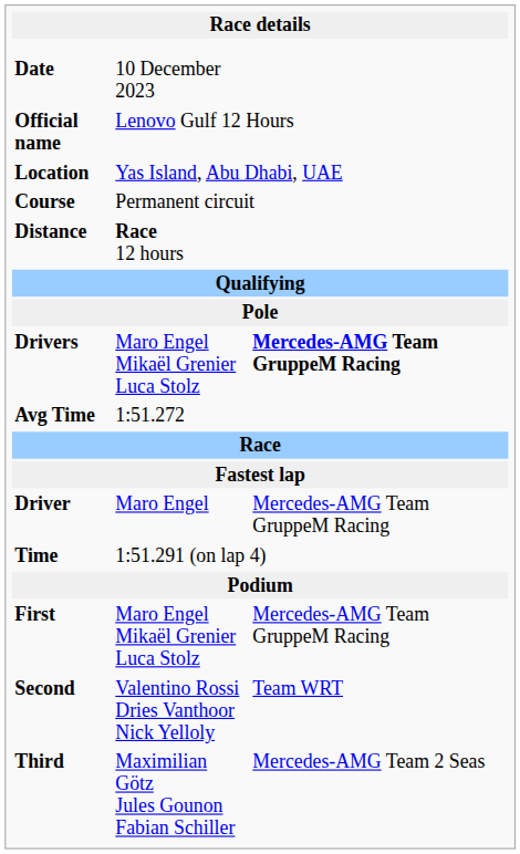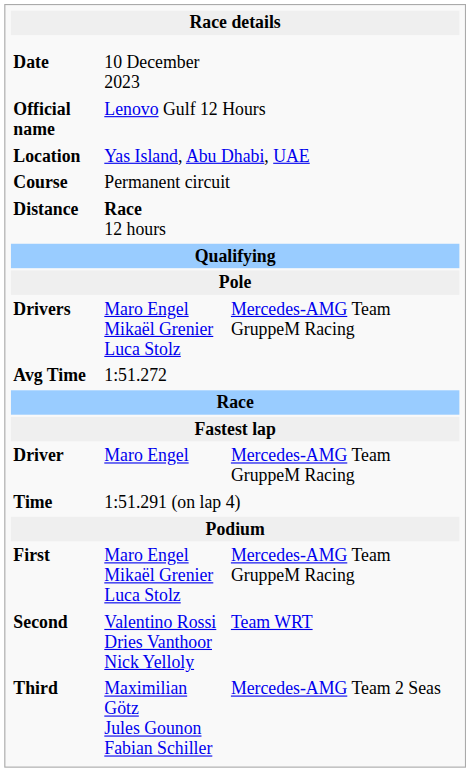 <table class="infobox" align="right" cellpadding="2" style="float:right; width: 26em; ">
 <tr>
 <th colspan="3" bgcolor="#efefef">Race details</th>
 </tr>
 <tr>
 <td colspan="3" style="text-align:center;"></td>
 </tr>
 <tr>
 <td colspan="3" style="text-align:center;"></td>
 </tr>
 <tr>
 <td style="width: 20%;"><strong>Date</strong></td>
 <td>10 December 2023</td>
 </tr>
 <tr>
 <td><strong>Official name</strong></td>
 <td colspan=2><a href='#'>Lenovo</a> Gulf 12 Hours</td>
 </tr>
 <tr>
 <td><strong>Location</strong></td>
 <td colspan=2><a href='#'>Yas Island</a>, <a href='#'>Abu Dhabi</a>, <a href='#'>UAE</a></td>
 </tr>
 <tr>
 <td><strong>Course</strong></td>
 <td colspan=2>Permanent circuit<br></td>
 </tr>
 <tr>
 <td><strong>Distance</strong></td>
 <td colspan=2><strong>Race</strong><br>12 hours</td>
 </tr>
 <tr>
 <td colspan=3 style="text-align:center; background-color:#99ccff"><strong>Qualifying</strong></td>
 </tr>
 <tr>
 <th colspan=3 bgcolor="#efefef">Pole</th>
 </tr>
 <tr>
 <td><strong>Drivers</strong></td>
 <td> <a href='#'>Maro Engel</a><br> <a href='#'>Mikaël Grenier</a><br> <a href='#'>Luca Stolz</a></td>
-<td><strong><a href='#'>Mercedes-AMG</a> Team GruppeM Racing</strong></td>
+<td><a href='#'>Mercedes-AMG</a> Team GruppeM Racing</td>
 </tr>
 <tr>
 <td><strong>Avg Time</strong></td>
 <td colspan=2>1:51.272</td>
 </tr>
 <tr>
 <td colspan=3 style="text-align:center; background-color:#99ccff"><strong>Race</strong></td>
 </tr>
 <tr>
 <th colspan=3 bgcolor="#efefef">Fastest lap</th>
 </tr>
 <tr>
 <td><strong>Driver</strong></td>
 <td> <a href='#'>Maro Engel</a></td>
 <td><a href='#'>Mercedes-AMG</a> Team GruppeM Racing</td>
 </tr>
 <tr>
 <td><strong>Time</strong></td>
 <td colspan=2>1:51.291 (on lap 4)</td>
 </tr>
 <tr>
 <th colspan=3 bgcolor="#efefef">Podium</th>
 </tr>
 <tr>
 <td><strong>First</strong></td>
 <td> <a href='#'>Maro Engel</a><br> <a href='#'>Mikaël Grenier</a><br> <a href='#'>Luca Stolz</a></td>
 <td><a href='#'>Mercedes-AMG</a> Team GruppeM Racing</td>
 </tr>
 <tr>
 <td><strong>Second</strong></td>
 <td> <a href='#'>Valentino Rossi</a><br> <a href='#'>Dries Vanthoor</a><br> <a href='#'>Nick Yelloly</a></td>
 <td><a href='#'>Team WRT</a></td>
 </tr>
 <tr>
 <td><strong>Third</strong></td>
 <td> <a href='#'>Maximilian Götz</a><br> <a href='#'>Jules Gounon</a><br> <a href='#'>Fabian Schiller</a></td>
 <td><a href='#'>Mercedes-AMG</a> Team 2 Seas</td>
 </tr>
 </table>
